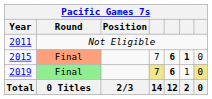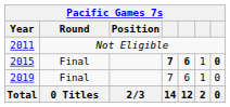 <table class="wikitable" style="text-align: center;">
 <tr>
 <th colspan=10><a href='#'>Pacific Games 7s</a></th>
 </tr>
 <tr>
 <th>Year</th>
 <th style="width:6.5em;">Round</th>
 <th style="padding:2px;">Position</th>
 <th style="width:1em;"></th>
 <th style="width:1em;"></th>
 <th style="width:1em;"></th>
 <th style="width:1em;"></th>
 </tr>
 <tr>
 <td> <a href='#'>2011</a></td>
 <td colspan="6" rowspan=1><em>Not Eligible</em></td>
 </tr>
 <tr>
 <td><a href='#'>2015</a></td>
-<td style="background: lightsalmon;">Final</td>
+<td>Final</td>
 <td></td>
-<td>7</td>
+<td><strong>7</strong></td>
 <td><strong>6</strong></td>
-<td><strong>1</strong></td>
-<td>0 </td>
+<td>1</td>
+<td><strong>0 </strong></td>
 </tr>
 <tr>
 <td><a href='#'>2019</a></td>
-<td style="background: lightgreen;">Final</td>
+<td>Final</td>
 <td></td>
-<td style="background: khaki;">7</td>
-<td><strong>6</strong></td>
+<td>7</td>
+<td>6</td>
 <td>1</td>
-<td style="background: khaki;">0 </td>
+<td>0 </td>
 </tr>
 <tr>
 <th>Total</th>
 <th>0 Titles</th>
 <th>2/3</th>
 <th>14</th>
 <th>12</th>
 <th>2</th>
 <th>0</th>
 </tr>
 </table>
